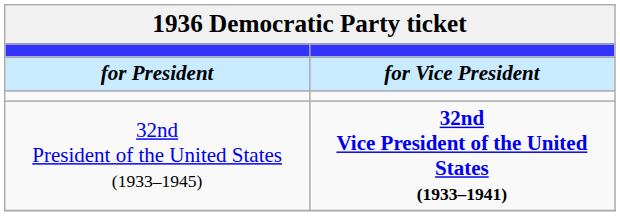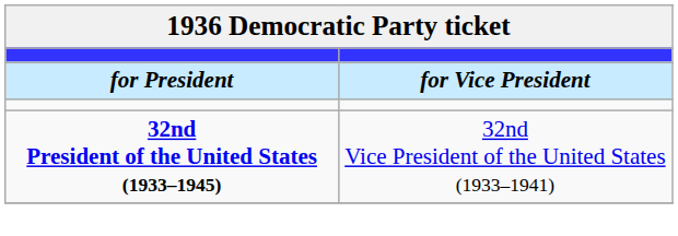 <table class="wikitable" style="font-size:90%; text-align:center;">
 <tr>
 <td style="background:#f1f1f1;" colspan="30"><big><strong>1936 Democratic Party ticket </strong></big></td>
 </tr>
 <tr>
 <th style="width:3em; font-size:135%; background:#3333FF; width:200px;"><a href='#'></a></th>
 <th style="width:3em; font-size:135%; background:#3333FF; width:200px;"><a href='#'></a></th>
 </tr>
 <tr>
 <td style="width:3em; font-size:100%; color:#000; background:#C8EBFF; width:200px;"><strong><em>for President</em></strong></td>
 <td style="width:3em; font-size:100%; color:#000; background:#C8EBFF; width:200px;"><strong><em>for Vice President</em></strong></td>
 </tr>
 <tr>
 <td></td>
 <td></td>
 </tr>
 <tr>
-<td><a href='#'>32nd</a><br><a href='#'>President of the United States</a><br><small>(1933–1945)</small></td>
-<td><strong><a href='#'>32nd</a><br><a href='#'>Vice President of the United States</a><br><small>(1933–1941)</small></strong></td>
+<td><strong><a href='#'>32nd</a><br><a href='#'>President of the United States</a><br><small>(1933–1945)</small></strong></td>
+<td><a href='#'>32nd</a><br><a href='#'>Vice President of the United States</a><br><small>(1933–1941)</small></td>
 </tr>
 <tr>
 </tr>
 </table>
